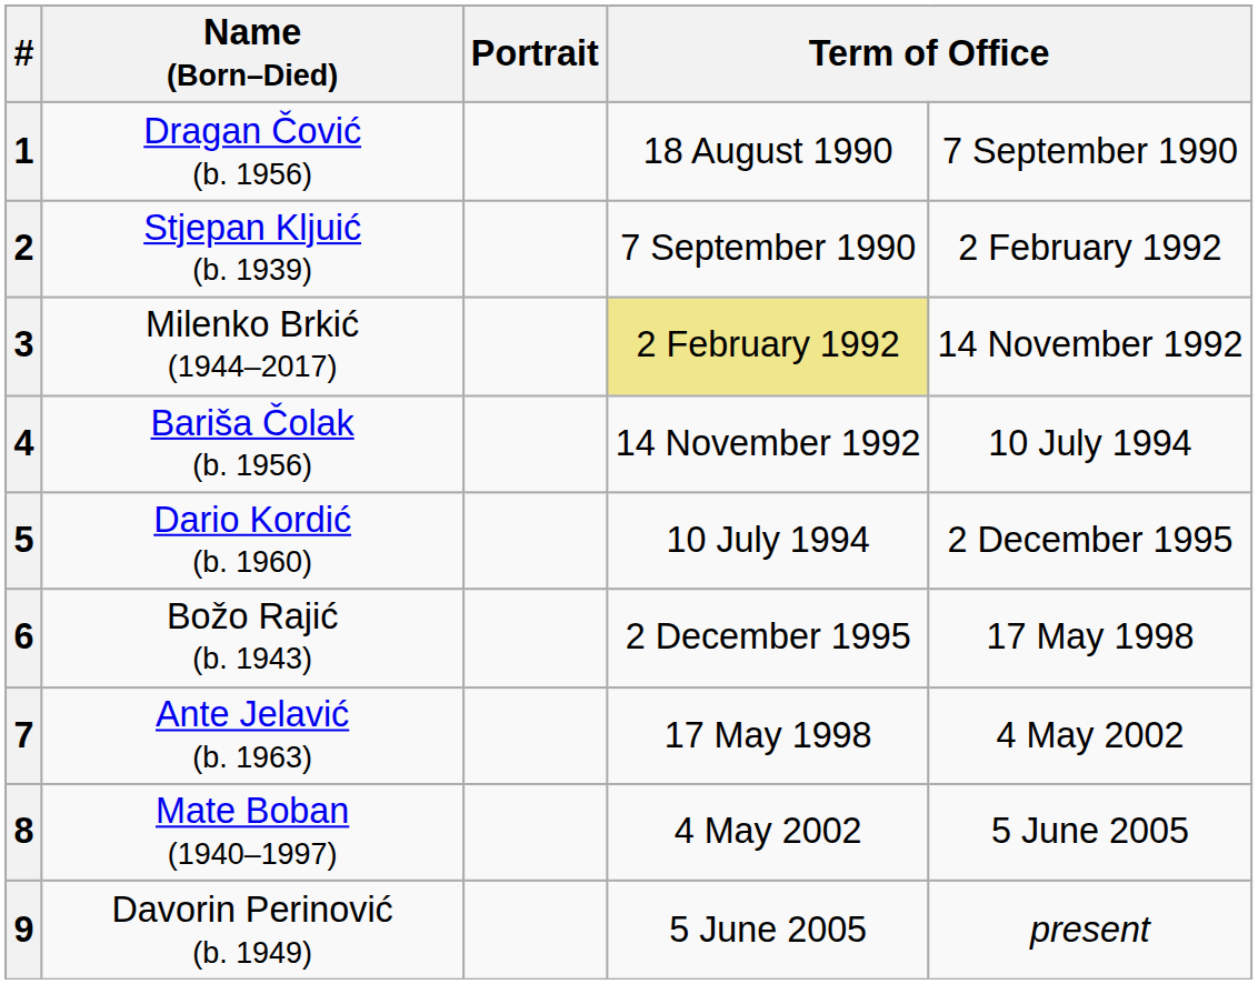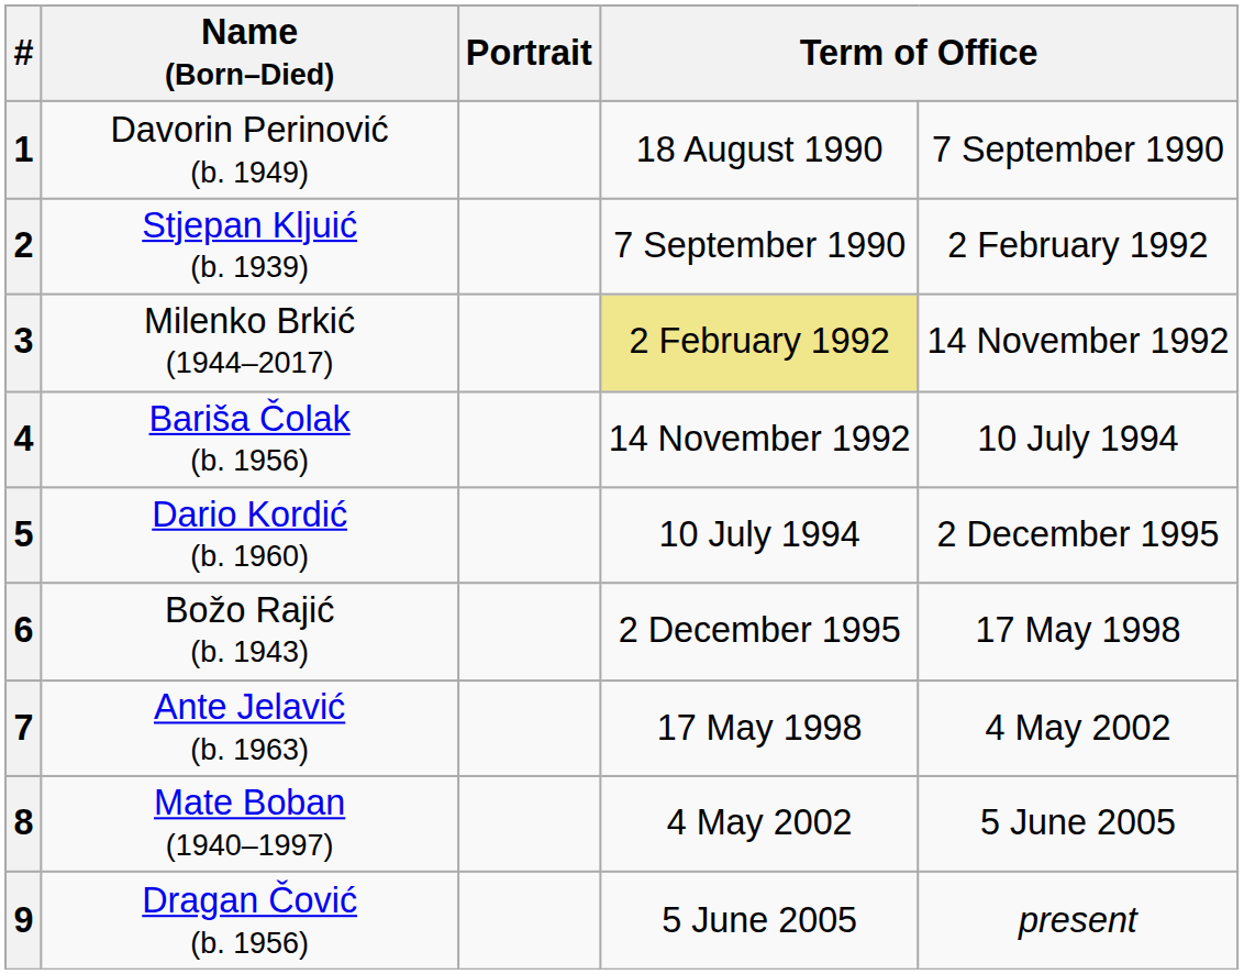 <table class="wikitable" style="text-align:center">
 <tr ->
 <th>#</th>
 <th width=180>Name<br><small>(Born–Died)</small></th>
 <th>Portrait</th>
 <th colspan=2>Term of Office</th>
 </tr>
 <tr ->
 <th align=center style="background: ">1</th>
-<td><a href='#'>Dragan Čović</a><br><small>(b. 1956)</small></td>
+<td>Davorin Perinović<br><small>(b. 1949)</small></td>
 <td></td>
 <td>18 August 1990</td>
 <td>7 September 1990</td>
 </tr>
 <tr ->
 <th align=center style="background: ">2</th>
 <td><a href='#'>Stjepan Kljuić</a><br><small>(b. 1939)</small></td>
 <td></td>
 <td>7 September 1990</td>
 <td>2 February 1992</td>
 </tr>
 <tr ->
 <th align=center style="background: ">3</th>
 <td>Milenko Brkić<br><small>(1944–2017)</small></td>
 <td></td>
 <td style="background: khaki;">2 February 1992</td>
 <td>14 November 1992</td>
 </tr>
 <tr ->
 <th align=center style="background: ">4</th>
 <td><a href='#'>Bariša Čolak</a><br><small>(b. 1956)</small></td>
 <td></td>
 <td>14 November 1992</td>
 <td>10 July 1994</td>
 </tr>
 <tr ->
 <th align=center style="background: ">5</th>
 <td><a href='#'>Dario Kordić</a><br><small>(b. 1960)</small></td>
 <td></td>
 <td>10 July 1994</td>
 <td>2 December 1995</td>
 </tr>
 <tr ->
 <th align=center style="background: ">6</th>
 <td>Božo Rajić<br><small>(b. 1943)</small></td>
 <td></td>
 <td>2 December 1995</td>
 <td>17 May 1998</td>
 </tr>
 <tr ->
 <th align=center style="background: ">7</th>
 <td><a href='#'>Ante Jelavić</a><br><small>(b. 1963)</small></td>
 <td></td>
 <td>17 May 1998</td>
 <td>4 May 2002</td>
 </tr>
 <tr ->
 <th align=center style="background: ">8</th>
 <td><a href='#'>Mate Boban</a><br><small>(1940–1997)</small></td>
 <td></td>
 <td>4 May 2002</td>
 <td>5 June 2005</td>
 </tr>
 <tr ->
 <th align=center style="background: ">9</th>
-<td>Davorin Perinović<br><small>(b. 1949)</small></td>
+<td><a href='#'>Dragan Čović</a><br><small>(b. 1956)</small></td>
 <td></td>
 <td>5 June 2005</td>
 <td><em>present</em></td>
 </tr>
 </table>
